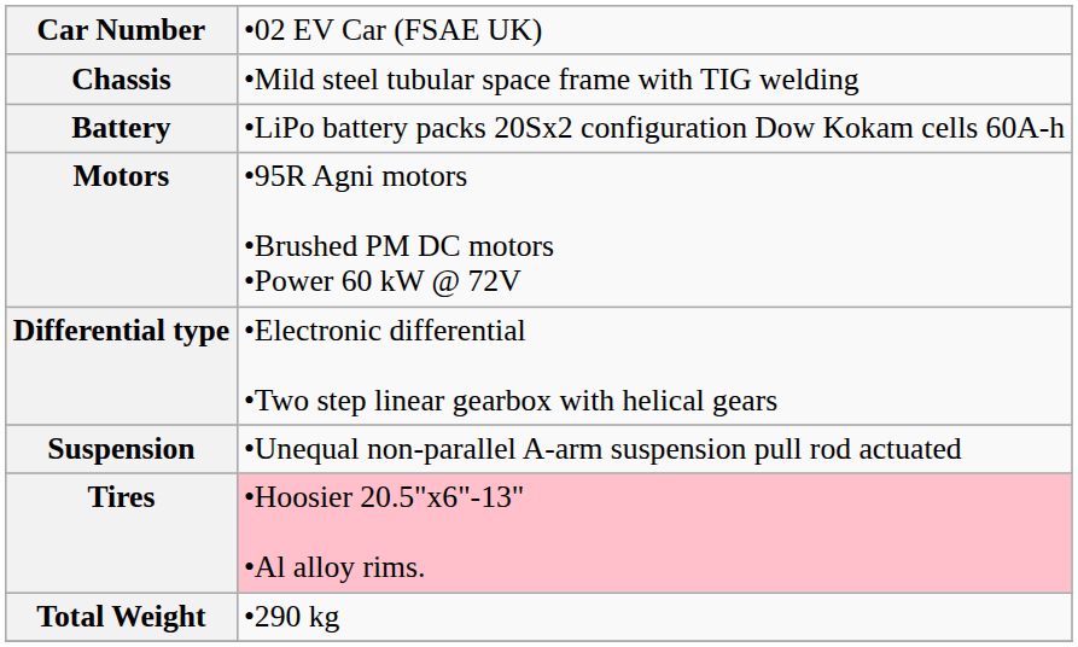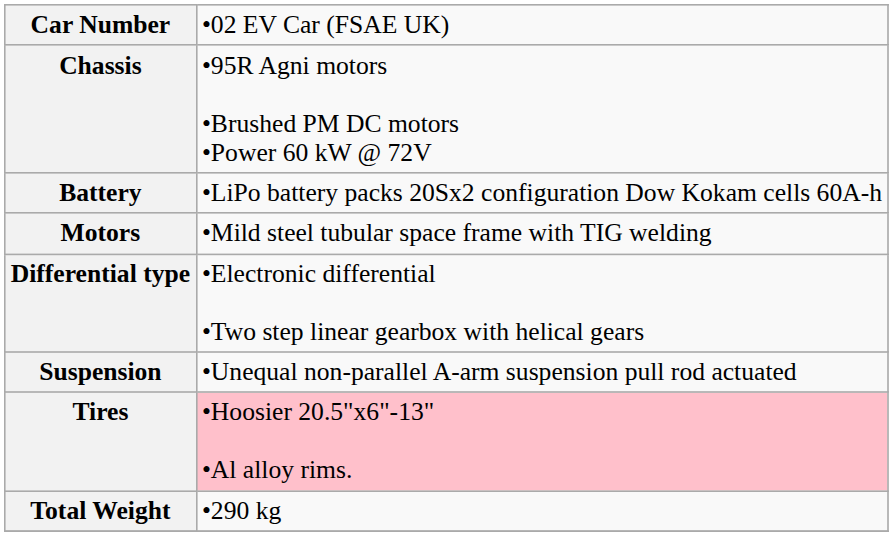 <table class="wikitable">
 <tr style="vertical-align: top">
 <th>Car Number</th>
 <td>•02 EV Car (FSAE UK)</td>
 </tr>
 <tr style="vertical-align: top">
 <th>Chassis</th>
-<td>•Mild steel tubular space frame with TIG welding <br></td>
+<td>•95R Agni motors<br><br>•Brushed PM DC motors <br> •Power 60 kW @ 72V</td>
 </tr>
 <tr style="vertical-align: top">
 <th>Battery</th>
 <td>•LiPo battery packs 20Sx2 configuration Dow Kokam cells 60A-h<br></td>
 </tr>
 <tr style="vertical-align: top">
 <th>Motors</th>
-<td>•95R Agni motors<br><br>•Brushed PM DC motors <br> •Power 60 kW @ 72V</td>
+<td>•Mild steel tubular space frame with TIG welding <br></td>
 </tr>
 <tr style="vertical-align: top">
 <th>Differential type</th>
 <td>•Electronic differential<br><br>•Two step linear gearbox with helical gears</td>
 </tr>
 <tr style="vertical-align: top">
 <th>Suspension</th>
 <td>•Unequal non-parallel A-arm suspension pull rod actuated<br></td>
 </tr>
 <tr style="vertical-align: top">
 <th>Tires</th>
 <td style="background: pink;">•Hoosier 20.5"x6"-13"<br><br>•Al alloy rims.</td>
 </tr>
 <tr style="vertical-align: top">
 <th>Total Weight</th>
 <td>•290 kg</td>
 </tr>
 <tr style="vertical-align: top">
 </tr>
 </table>
